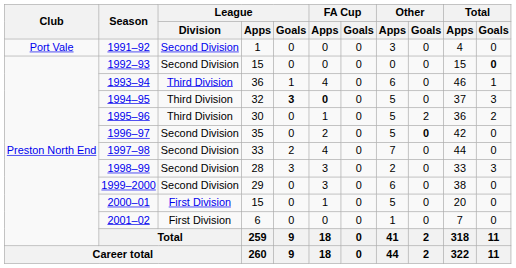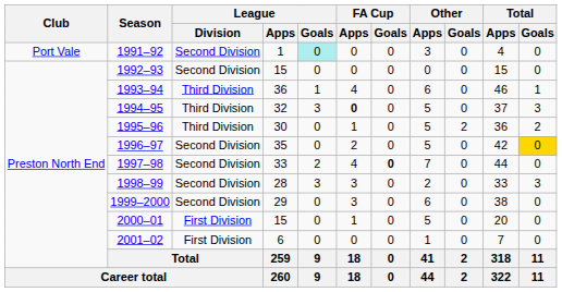 <table class="wikitable" style="text-align: center;">
 <tr>
 <th rowspan="2">Club</th>
 <th rowspan="2">Season</th>
 <th colspan="3">League</th>
 <th colspan="2">FA Cup</th>
 <th colspan="2">Other</th>
 <th colspan="2">Total</th>
 </tr>
 <tr>
 <th>Division</th>
 <th>Apps</th>
 <th>Goals</th>
 <th>Apps</th>
 <th>Goals</th>
 <th>Apps</th>
 <th>Goals</th>
 <th>Apps</th>
 <th>Goals</th>
 </tr>
 <tr>
 <td><a href='#'>Port Vale</a></td>
 <td><a href='#'>1991–92</a></td>
 <td><a href='#'>Second Division</a></td>
 <td>1</td>
-<td>0</td>
+<td style="background: paleturquoise;">0</td>
 <td>0</td>
 <td>0</td>
 <td>3</td>
 <td>0</td>
 <td>4</td>
 <td>0</td>
 </tr>
 <tr>
 <td rowspan="11"><a href='#'>Preston North End</a></td>
 <td><a href='#'>1992–93</a></td>
 <td>Second Division</td>
 <td>15</td>
 <td>0</td>
 <td>0</td>
 <td>0</td>
 <td>0</td>
 <td>0</td>
 <td>15</td>
-<td><strong>0</strong></td>
+<td>0</td>
 </tr>
 <tr>
 <td><a href='#'>1993–94</a></td>
 <td><a href='#'>Third Division</a></td>
 <td>36</td>
 <td>1</td>
 <td>4</td>
 <td>0</td>
 <td>6</td>
 <td>0</td>
 <td>46</td>
 <td>1</td>
 </tr>
 <tr>
 <td><a href='#'>1994–95</a></td>
 <td>Third Division</td>
 <td>32</td>
-<td><strong>3</strong></td>
+<td>3</td>
 <td><strong>0</strong></td>
 <td>0</td>
 <td>5</td>
 <td>0</td>
 <td>37</td>
 <td>3</td>
 </tr>
 <tr>
 <td><a href='#'>1995–96</a></td>
 <td>Third Division</td>
 <td>30</td>
 <td>0</td>
 <td>1</td>
 <td>0</td>
 <td>5</td>
 <td>2</td>
 <td>36</td>
 <td>2</td>
 </tr>
 <tr>
 <td><a href='#'>1996–97</a></td>
 <td>Second Division</td>
 <td>35</td>
 <td>0</td>
 <td>2</td>
 <td>0</td>
 <td>5</td>
-<td><strong>0</strong></td>
+<td>0</td>
 <td>42</td>
-<td>0</td>
+<td style="background: gold;">0</td>
 </tr>
 <tr>
 <td><a href='#'>1997–98</a></td>
 <td>Second Division</td>
 <td>33</td>
 <td>2</td>
 <td>4</td>
-<td>0</td>
+<td><strong>0</strong></td>
 <td>7</td>
 <td>0</td>
 <td>44</td>
 <td>0</td>
 </tr>
 <tr>
 <td><a href='#'>1998–99</a></td>
 <td>Second Division</td>
 <td>28</td>
 <td>3</td>
 <td>3</td>
 <td>0</td>
 <td>2</td>
 <td>0</td>
 <td>33</td>
 <td>3</td>
 </tr>
 <tr>
 <td><a href='#'>1999–2000</a></td>
 <td>Second Division</td>
 <td>29</td>
 <td>0</td>
 <td>3</td>
 <td>0</td>
 <td>6</td>
 <td>0</td>
 <td>38</td>
 <td>0</td>
 </tr>
 <tr>
 <td><a href='#'>2000–01</a></td>
 <td><a href='#'>First Division</a></td>
 <td>15</td>
 <td>0</td>
 <td>1</td>
 <td>0</td>
 <td>5</td>
 <td>0</td>
 <td>20</td>
 <td>0</td>
 </tr>
 <tr>
 <td><a href='#'>2001–02</a></td>
 <td>First Division</td>
 <td>6</td>
 <td>0</td>
 <td>0</td>
 <td>0</td>
 <td>1</td>
 <td>0</td>
 <td>7</td>
 <td>0</td>
 </tr>
 <tr>
 <th colspan="2">Total</th>
 <th>259</th>
 <th>9</th>
 <th>18</th>
 <th>0</th>
 <th>41</th>
 <th>2</th>
 <th>318</th>
 <th>11</th>
 </tr>
 <tr>
 <th colspan="3">Career total</th>
 <th>260</th>
 <th>9</th>
 <th>18</th>
 <th>0</th>
 <th>44</th>
 <th>2</th>
 <th>322</th>
 <th>11</th>
 </tr>
 </table>
